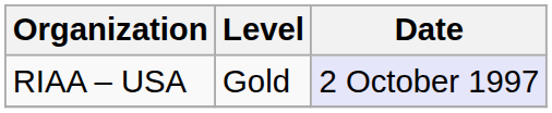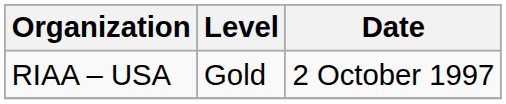 <table class="wikitable">
 <tr>
 <th align="left">Organization</th>
 <th align="left">Level</th>
 <th align="left">Date</th>
 </tr>
 <tr>
 <td align="left">RIAA – USA</td>
 <td align="left">Gold</td>
-<td align="left" style="background: lavender;">2 October 1997</td>
+<td align="left">2 October 1997</td>
 </tr>
 <tr>
 </tr>
 </table>
